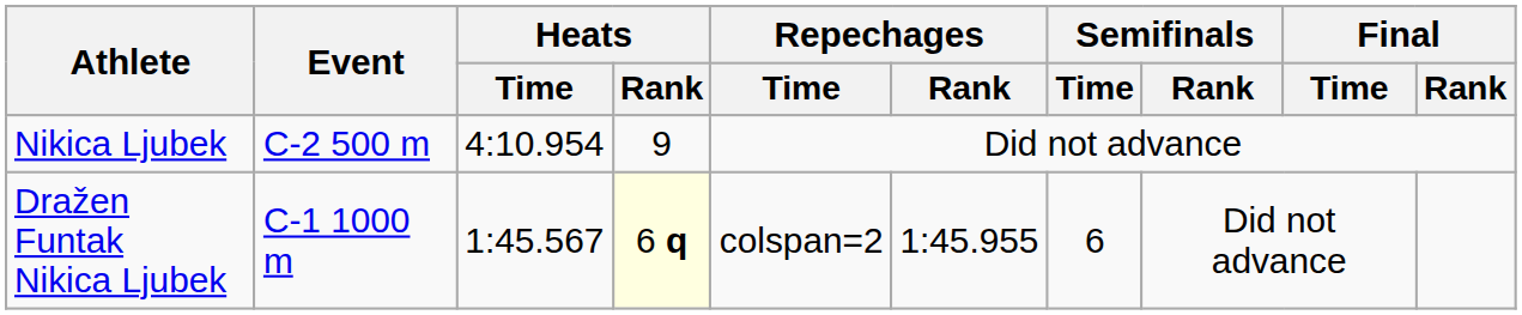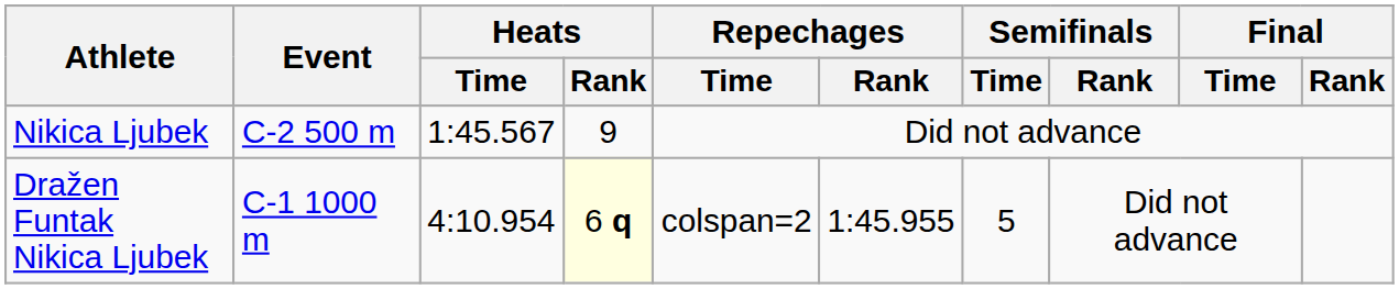 <table class="wikitable" style="font-size:90%">
 <tr>
 <th rowspan=2>Athlete</th>
 <th rowspan=2>Event</th>
 <th colspan=2>Heats</th>
 <th colspan=2>Repechages</th>
 <th colspan=2>Semifinals</th>
 <th colspan=2>Final</th>
 </tr>
 <tr style="font-size:95%">
 <th>Time</th>
 <th>Rank</th>
 <th>Time</th>
 <th>Rank</th>
 <th>Time</th>
 <th>Rank</th>
 <th>Time</th>
 <th>Rank</th>
 </tr>
 <tr align=center>
 <td align=left><a href='#'>Nikica Ljubek</a></td>
 <td align=left><a href='#'>C-2 500 m</a></td>
-<td>4:10.954</td>
+<td>1:45.567</td>
 <td>9</td>
 <td colspan=6>Did not advance</td>
 </tr>
 <tr align=center>
 <td align=left><a href='#'>Dražen Funtak</a><br><a href='#'>Nikica Ljubek</a></td>
 <td align=left><a href='#'>C-1 1000 m</a></td>
-<td>1:45.567</td>
+<td>4:10.954</td>
 <td style="background: lightyellow;">6 <strong>q</strong></td>
 <td>colspan=2 </td>
 <td>1:45.955</td>
-<td>6</td>
+<td>5</td>
 <td colspan=2>Did not advance</td>
 </tr>
 </table>
